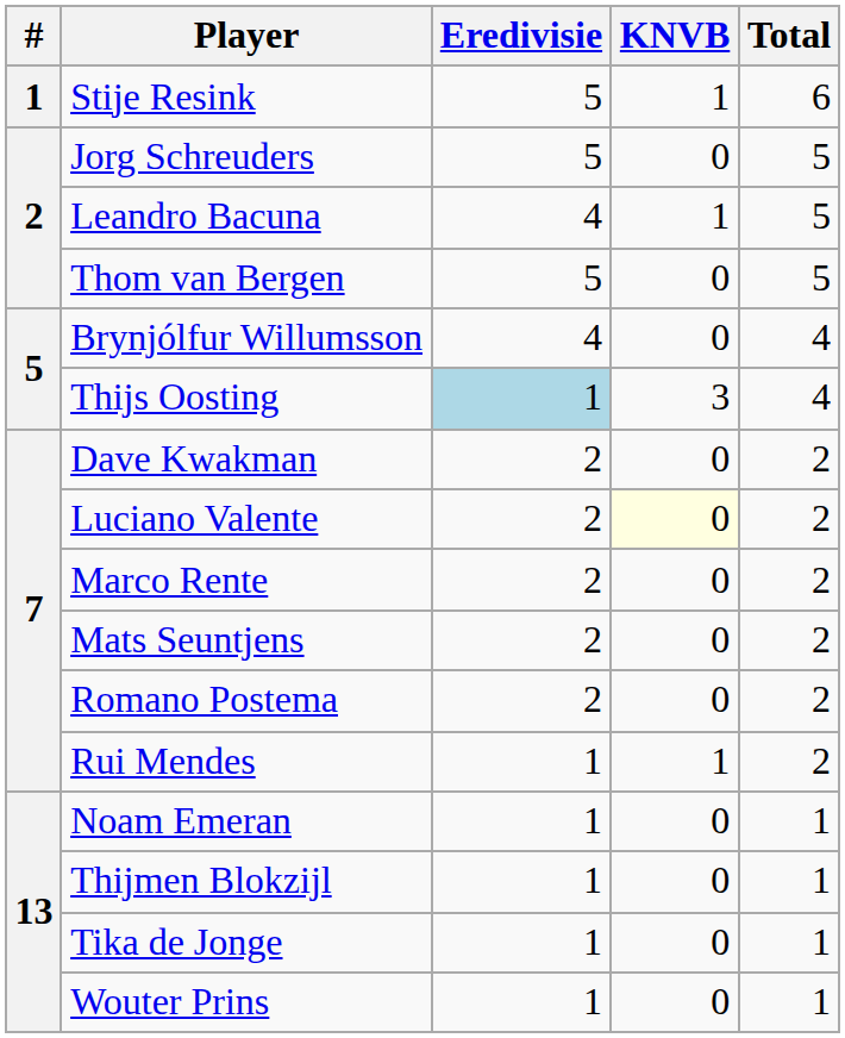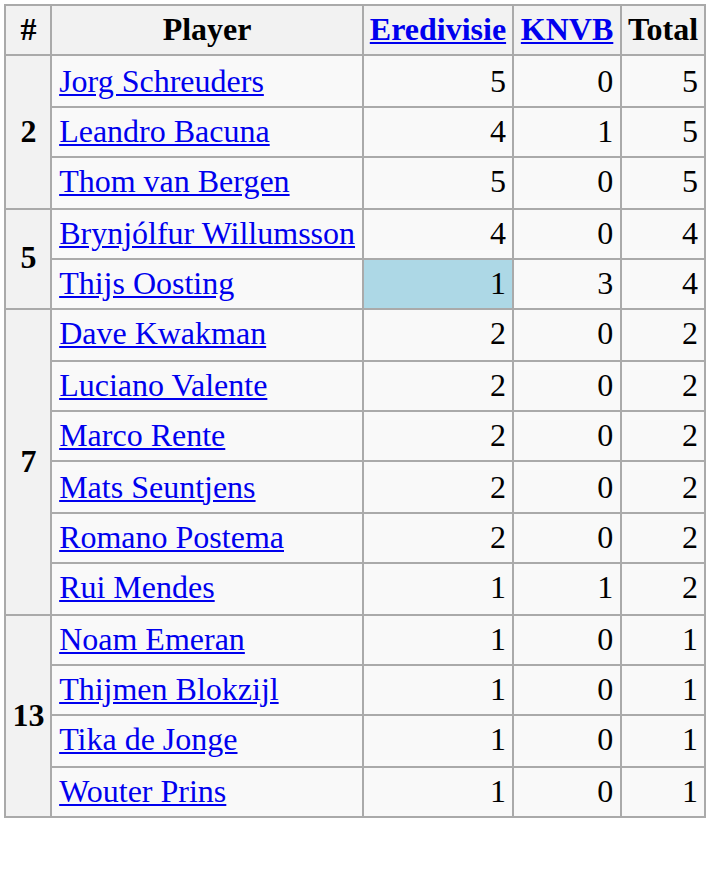 <table class="wikitable" style="text-align:right;">
 <tr>
 <th>#</th>
 <th>Player</th>
 <th><a href='#'>Eredivisie</a></th>
 <th><a href='#'>KNVB</a></th>
 <th>Total</th>
-</tr>
-<tr>
-<th align=center>1</th>
-<td align=left> <a href='#'>Stije Resink</a></td>
-<td>5</td>
-<td>1</td>
-<td>6</td>
 </tr>
 <tr>
 <th rowspan=3 align=center>2</th>
 <td align=left> <a href='#'>Jorg Schreuders</a></td>
 <td>5</td>
 <td>0</td>
 <td>5</td>
 </tr>
 <tr>
 <td align=left> <a href='#'>Leandro Bacuna</a></td>
 <td>4</td>
 <td>1</td>
 <td>5</td>
 </tr>
 <tr>
 <td align=left> <a href='#'>Thom van Bergen</a></td>
 <td>5</td>
 <td>0</td>
 <td>5</td>
 </tr>
 <tr>
 <th rowspan=2 align=center>5</th>
 <td align=left> <a href='#'>Brynjólfur Willumsson</a></td>
 <td>4</td>
 <td>0</td>
 <td>4</td>
 </tr>
 <tr>
 <td align=left> <a href='#'>Thijs Oosting</a></td>
 <td style="background: lightblue;">1</td>
 <td>3</td>
 <td>4</td>
 </tr>
 <tr>
 <th align=center rowspan=6>7</th>
 <td align=left> <a href='#'>Dave Kwakman</a></td>
 <td>2</td>
 <td>0</td>
 <td>2</td>
 </tr>
 <tr>
 <td align=left> <a href='#'>Luciano Valente</a></td>
 <td>2</td>
-<td style="background: lightyellow;">0</td>
+<td>0</td>
 <td>2</td>
 </tr>
 <tr>
 <td align=left> <a href='#'>Marco Rente</a></td>
 <td>2</td>
 <td>0</td>
 <td>2</td>
 </tr>
 <tr>
 <td align=left> <a href='#'>Mats Seuntjens</a></td>
 <td>2</td>
 <td>0</td>
 <td>2</td>
 </tr>
 <tr>
 <td align=left> <a href='#'>Romano Postema</a></td>
 <td>2</td>
 <td>0</td>
 <td>2</td>
 </tr>
 <tr>
 <td align=left> <a href='#'>Rui Mendes</a></td>
 <td>1</td>
 <td>1</td>
 <td>2</td>
 </tr>
 <tr>
 <th rowspan=4 align=center>13</th>
 <td align=left> <a href='#'>Noam Emeran</a></td>
 <td>1</td>
 <td>0</td>
 <td>1</td>
 </tr>
 <tr>
 <td align=left> <a href='#'>Thijmen Blokzijl</a></td>
 <td>1</td>
 <td>0</td>
 <td>1</td>
 </tr>
 <tr>
 <td align=left> <a href='#'>Tika de Jonge</a></td>
 <td>1</td>
 <td>0</td>
 <td>1</td>
 </tr>
 <tr>
 <td align=left> <a href='#'>Wouter Prins</a></td>
 <td>1</td>
 <td>0</td>
 <td>1</td>
 </tr>
 </table>
